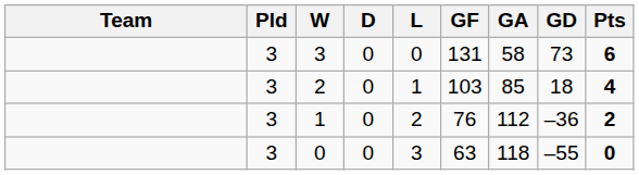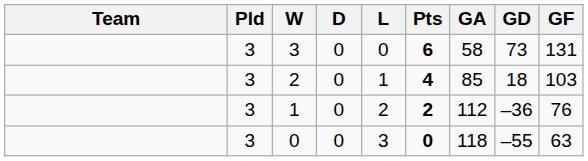 <table class="wikitable" style="text-align: center;">
 <tr>
 <th width="180">Team</th>
 <th width="30">Pld</th>
 <th width="30">W</th>
 <th width="30">D</th>
 <th width="30">L</th>
-<th width="30">GF</th>
+<th width="30">Pts</th>
 <th width="30">GA</th>
 <th width="30">GD</th>
-<th width="30">Pts</th>
+<th width="30">GF</th>
 </tr>
 <tr>
 <td align="left"></td>
 <td>3</td>
 <td>3</td>
 <td>0</td>
 <td>0</td>
-<td>131</td>
+<td><strong>6</strong></td>
 <td>58</td>
 <td>73</td>
-<td><strong>6</strong></td>
+<td>131</td>
 </tr>
 <tr>
 <td align="left"></td>
 <td>3</td>
 <td>2</td>
 <td>0</td>
 <td>1</td>
-<td>103</td>
+<td><strong>4</strong></td>
 <td>85</td>
 <td>18</td>
-<td><strong>4</strong></td>
+<td>103</td>
 </tr>
 <tr>
 <td align="left"></td>
 <td>3</td>
 <td>1</td>
 <td>0</td>
 <td>2</td>
-<td>76</td>
+<td><strong>2</strong></td>
 <td>112</td>
 <td>–36</td>
-<td><strong>2</strong></td>
+<td>76</td>
 </tr>
 <tr>
 <td align="left"></td>
 <td>3</td>
 <td>0</td>
 <td>0</td>
 <td>3</td>
-<td>63</td>
+<td><strong>0</strong></td>
 <td>118</td>
 <td>–55</td>
-<td><strong>0</strong></td>
+<td>63</td>
 </tr>
 </table>
